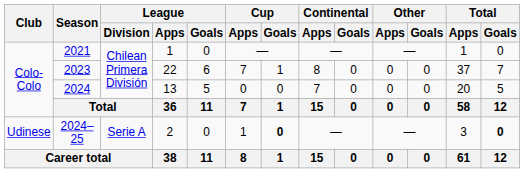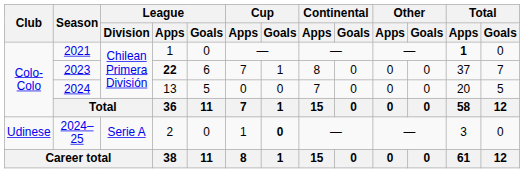 <table class=wikitable style=text-align:center>
 <tr>
 <th rowspan="2">Club</th>
 <th rowspan="2">Season</th>
 <th colspan="3">League</th>
 <th colspan="2">Cup</th>
 <th colspan="2">Continental</th>
 <th colspan="2">Other</th>
 <th colspan="2">Total</th>
 </tr>
 <tr>
 <th>Division</th>
 <th>Apps</th>
 <th>Goals</th>
 <th>Apps</th>
 <th>Goals</th>
 <th>Apps</th>
 <th>Goals</th>
 <th>Apps</th>
 <th>Goals</th>
 <th>Apps</th>
 <th>Goals</th>
 </tr>
 <tr>
 <td rowspan="4"><a href='#'>Colo-Colo</a></td>
 <td><a href='#'>2021</a></td>
 <td rowspan="3"><a href='#'>Chilean Primera División</a></td>
 <td>1</td>
 <td>0</td>
 <td colspan="2">—</td>
 <td colspan="2">—</td>
 <td colspan="2">—</td>
-<td>1</td>
+<td><strong>1</strong></td>
 <td>0</td>
 </tr>
 <tr>
 <td><a href='#'>2023</a></td>
-<td>22</td>
+<td><strong>22</strong></td>
 <td>6</td>
 <td>7</td>
 <td>1</td>
 <td>8</td>
 <td>0</td>
 <td>0</td>
 <td>0</td>
 <td>37</td>
 <td>7</td>
 </tr>
 <tr>
 <td><a href='#'>2024</a></td>
 <td>13</td>
 <td>5</td>
 <td>0</td>
 <td>0</td>
 <td>7</td>
 <td>0</td>
 <td>0</td>
 <td>0</td>
 <td>20</td>
 <td>5</td>
 </tr>
 <tr>
 <th colspan="2">Total</th>
 <th>36</th>
 <th>11</th>
 <th>7</th>
 <th>1</th>
 <th>15</th>
 <th>0</th>
 <th>0</th>
 <th>0</th>
 <th>58</th>
 <th>12</th>
 </tr>
 <tr>
 <td><a href='#'>Udinese</a></td>
 <td><a href='#'>2024–25</a></td>
 <td><a href='#'>Serie A</a></td>
 <td>2</td>
 <td>0</td>
 <td>1</td>
 <td><strong>0</strong></td>
 <td colspan="2">—</td>
 <td colspan="2">—</td>
 <td>3</td>
-<td><strong>0</strong></td>
+<td>0</td>
 </tr>
 <tr>
 <th colspan="3">Career total</th>
 <th>38</th>
 <th>11</th>
 <th>8</th>
 <th>1</th>
 <th>15</th>
 <th>0</th>
 <th>0</th>
 <th>0</th>
 <th>61</th>
 <th>12</th>
 </tr>
 </table>
